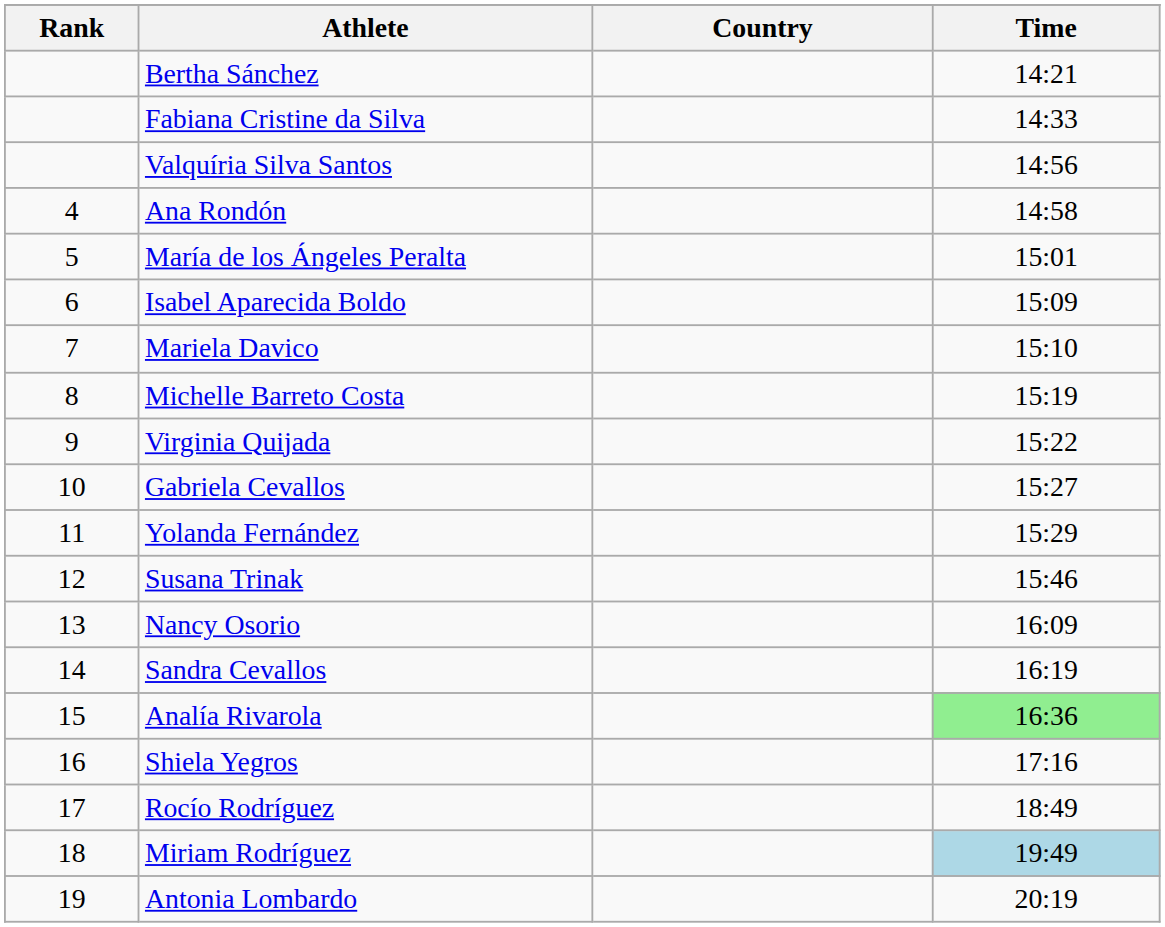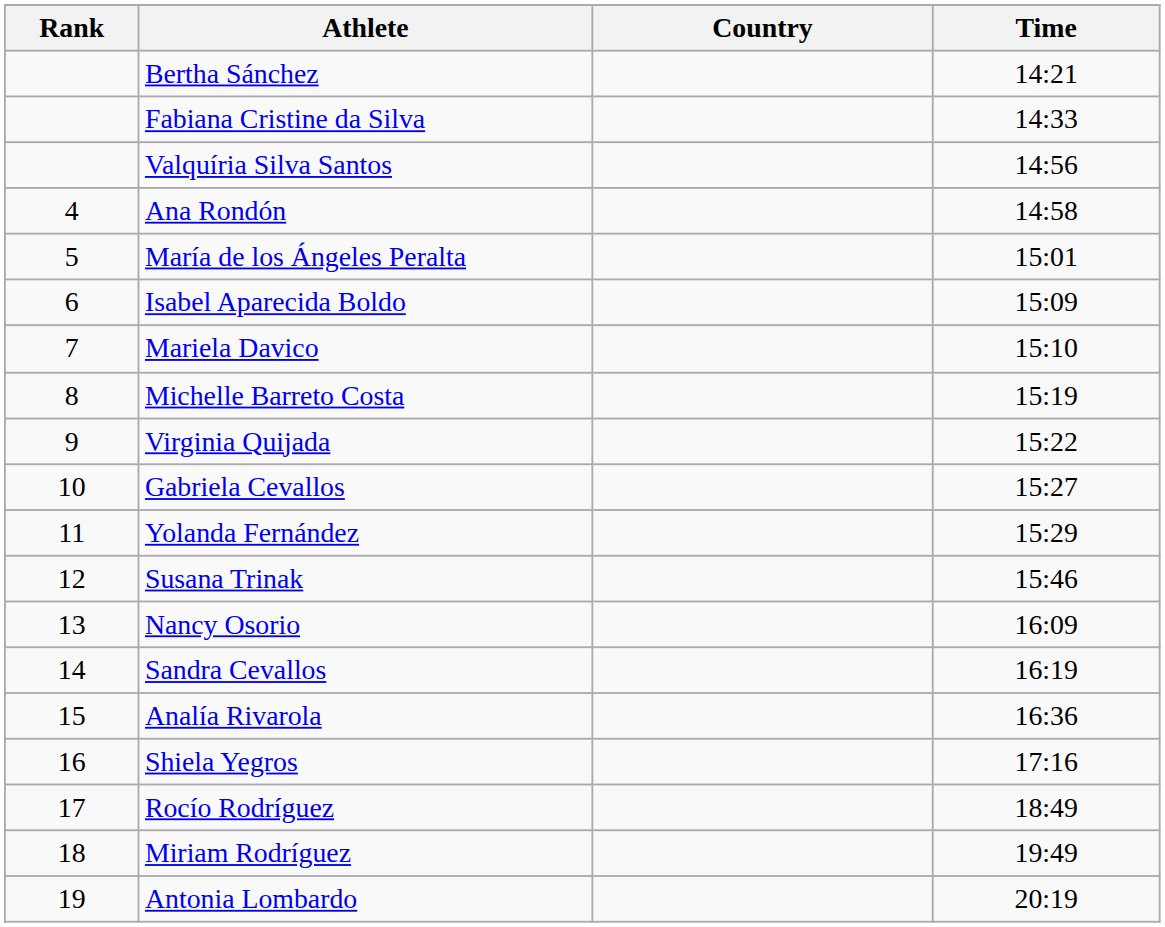 <table class="wikitable sortable" style=" text-align:center; font-size:95%;" width="50%">
 <tr>
 </tr>
 <tr>
 <th width=5%>Rank</th>
 <th width=20%>Athlete</th>
 <th width=15%>Country</th>
 <th width=10%>Time</th>
 </tr>
 <tr>
 <td align=center></td>
 <td align=left><a href='#'>Bertha Sánchez</a></td>
 <td align=left></td>
 <td>14:21</td>
 </tr>
 <tr>
 <td align=center></td>
 <td align=left><a href='#'>Fabiana Cristine da Silva</a></td>
 <td align=left></td>
 <td>14:33</td>
 </tr>
 <tr>
 <td align=center></td>
 <td align=left><a href='#'>Valquíria Silva Santos</a></td>
 <td align=left></td>
 <td>14:56</td>
 </tr>
 <tr>
 <td align=center>4</td>
 <td align=left><a href='#'>Ana Rondón</a></td>
 <td align=left></td>
 <td>14:58</td>
 </tr>
 <tr>
 <td align=center>5</td>
 <td align=left><a href='#'>María de los Ángeles Peralta</a></td>
 <td align=left></td>
 <td>15:01</td>
 </tr>
 <tr>
 <td align=center>6</td>
 <td align=left><a href='#'>Isabel Aparecida Boldo</a></td>
 <td align=left></td>
 <td>15:09</td>
 </tr>
 <tr>
 <td align=center>7</td>
 <td align=left><a href='#'>Mariela Davico</a></td>
 <td align=left></td>
 <td>15:10</td>
 </tr>
 <tr>
 <td align=center>8</td>
 <td align=left><a href='#'>Michelle Barreto Costa</a></td>
 <td align=left></td>
 <td>15:19</td>
 </tr>
 <tr>
 <td align=center>9</td>
 <td align=left><a href='#'>Virginia Quijada</a></td>
 <td align=left></td>
 <td>15:22</td>
 </tr>
 <tr>
 <td align=center>10</td>
 <td align=left><a href='#'>Gabriela Cevallos</a></td>
 <td align=left></td>
 <td>15:27</td>
 </tr>
 <tr>
 <td align=center>11</td>
 <td align=left><a href='#'>Yolanda Fernández</a></td>
 <td align=left></td>
 <td>15:29</td>
 </tr>
 <tr>
 <td align=center>12</td>
 <td align=left><a href='#'>Susana Trinak</a></td>
 <td align=left></td>
 <td>15:46</td>
 </tr>
 <tr>
 <td align=center>13</td>
 <td align=left><a href='#'>Nancy Osorio</a></td>
 <td align=left></td>
 <td>16:09</td>
 </tr>
 <tr>
 <td align=center>14</td>
 <td align=left><a href='#'>Sandra Cevallos</a></td>
 <td align=left></td>
 <td>16:19</td>
 </tr>
 <tr>
 <td align=center>15</td>
 <td align=left><a href='#'>Analía Rivarola</a></td>
 <td align=left></td>
-<td style="background: lightgreen;">16:36</td>
+<td>16:36</td>
 </tr>
 <tr>
 <td align=center>16</td>
 <td align=left><a href='#'>Shiela Yegros</a></td>
 <td align=left></td>
 <td>17:16</td>
 </tr>
 <tr>
 <td align=center>17</td>
 <td align=left><a href='#'>Rocío Rodríguez</a></td>
 <td align=left></td>
 <td>18:49</td>
 </tr>
 <tr>
 <td align=center>18</td>
 <td align=left><a href='#'>Miriam Rodríguez</a></td>
 <td align=left></td>
-<td style="background: lightblue;">19:49</td>
+<td>19:49</td>
 </tr>
 <tr>
 <td align=center>19</td>
 <td align=left><a href='#'>Antonia Lombardo</a></td>
 <td align=left></td>
 <td>20:19</td>
 </tr>
 </table>
